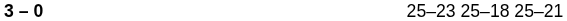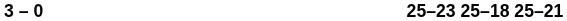 <table width=100% cellspacing=1>
 <tr>
 <th width=20%></th>
 <th width=12%></th>
 <th width=20%></th>
 <th width=33%></th>
 <td></td>
 </tr>
 <tr style=font-size:95%>
 <td align=right><strong></strong></td>
 <td align=center><strong>3 – 0</strong></td>
 <td></td>
-<td>25–23 25–18 25–21</td>
+<td><strong>25–23 25–18 25–21</strong></td>
 </tr>
 </table>
